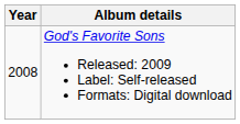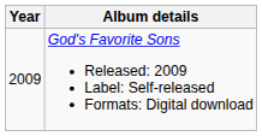 <table class="wikitable" style=text-align:center;>
 <tr>
 <th>Year</th>
 <th>Album details</th>
 </tr>
 <tr>
-<td>2008</td>
+<td>2009</td>
 <td align=left><em><a href='#'>God's Favorite Sons</a></em><br><ul><li>Released: 2009</li><li>Label: Self-released</li><li>Formats: Digital download</li></ul></td>
 </tr>
 </table>
